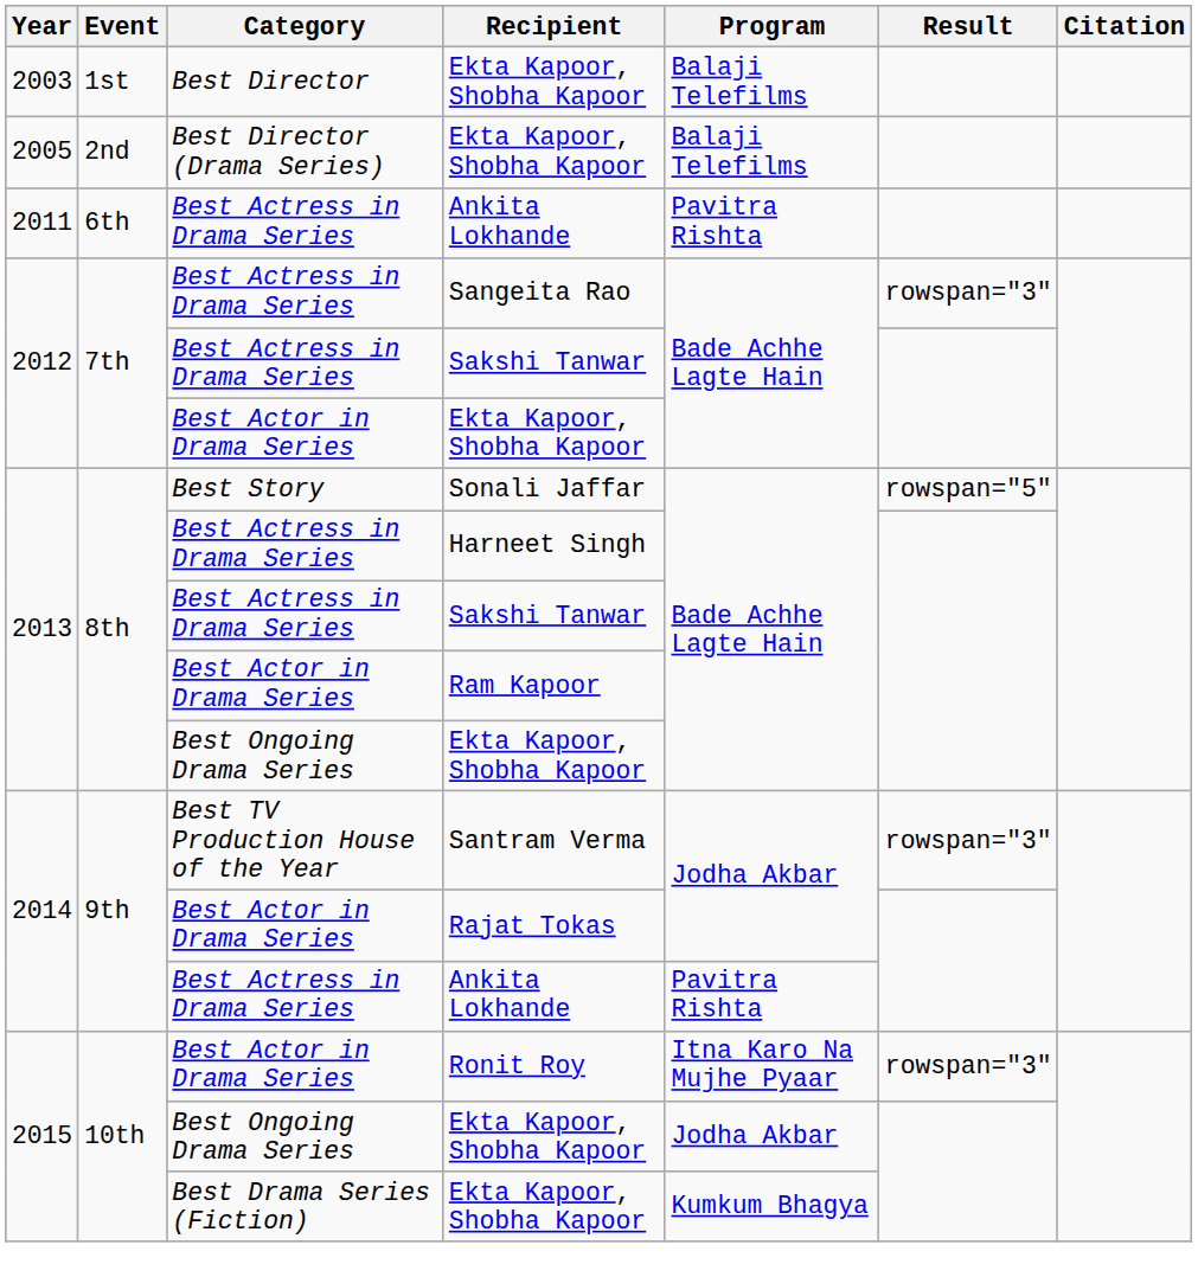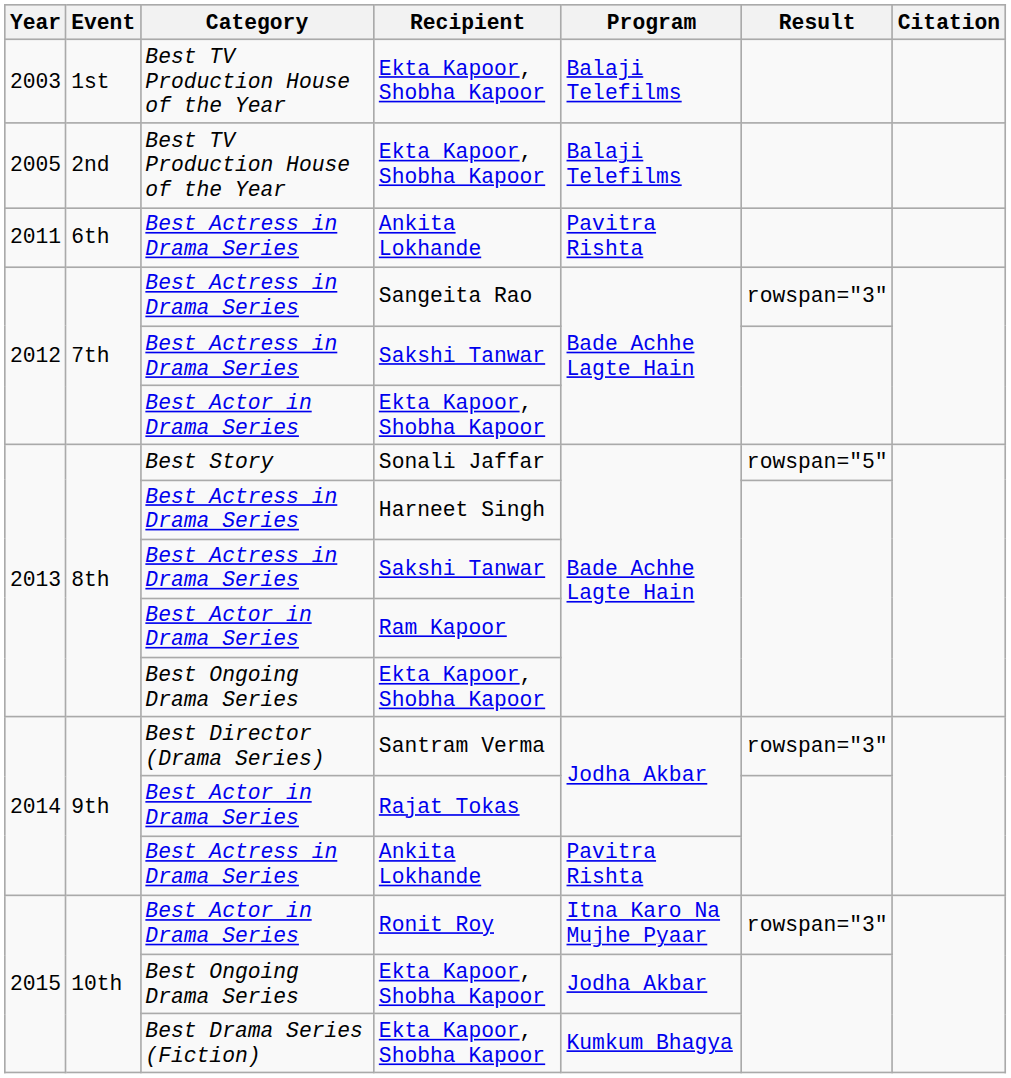 <table class="wikitable">
 <tr>
 <th>Year</th>
 <th>Event</th>
 <th>Category</th>
 <th>Recipient</th>
 <th>Program</th>
 <th>Result</th>
 <th>Citation</th>
 </tr>
 <tr>
 <td>2003</td>
 <td>1st</td>
-<td><em>Best Director</em></td>
+<td><em>Best TV Production House of the Year</em></td>
 <td><a href='#'>Ekta Kapoor</a>, <a href='#'>Shobha Kapoor</a></td>
 <td><a href='#'>Balaji Telefilms</a></td>
 <td></td>
 <td></td>
 </tr>
 <tr>
 <td>2005</td>
 <td>2nd</td>
-<td><em>Best Director (Drama Series)</em></td>
+<td><em>Best TV Production House of the Year</em></td>
 <td><a href='#'>Ekta Kapoor</a>, <a href='#'>Shobha Kapoor</a></td>
 <td><a href='#'>Balaji Telefilms</a></td>
 <td></td>
 <td></td>
 </tr>
 <tr>
 <td>2011</td>
 <td>6th</td>
 <td><em><a href='#'>Best Actress in Drama Series</a></em></td>
 <td><a href='#'>Ankita Lokhande</a></td>
 <td><a href='#'>Pavitra Rishta</a></td>
 <td></td>
 <td></td>
 </tr>
 <tr>
 <td rowspan="3">2012</td>
 <td rowspan="3">7th</td>
 <td><em><a href='#'>Best Actress in Drama Series</a></em></td>
 <td>Sangeita Rao</td>
 <td rowspan="3"><a href='#'>Bade Achhe Lagte Hain</a></td>
 <td>rowspan="3" </td>
 <td rowspan="3"></td>
 </tr>
 <tr>
 <td><em><a href='#'>Best Actress in Drama Series</a></em></td>
 <td><a href='#'>Sakshi Tanwar</a></td>
 </tr>
 <tr>
 <td><em><a href='#'>Best Actor in Drama Series</a></em></td>
 <td><a href='#'>Ekta Kapoor</a>, <a href='#'>Shobha Kapoor</a></td>
 </tr>
 <tr>
 <td rowspan="5">2013</td>
 <td rowspan="5">8th</td>
 <td><em>Best Story</em></td>
 <td>Sonali Jaffar</td>
 <td rowspan="5"><a href='#'>Bade Achhe Lagte Hain</a></td>
 <td>rowspan="5" </td>
 <td rowspan="5"></td>
 </tr>
 <tr>
 <td><em><a href='#'>Best Actress in Drama Series</a></em></td>
 <td>Harneet Singh</td>
 </tr>
 <tr>
 <td><em><a href='#'>Best Actress in Drama Series</a></em></td>
 <td><a href='#'>Sakshi Tanwar</a></td>
 </tr>
 <tr>
 <td><em><a href='#'>Best Actor in Drama Series</a></em></td>
 <td><a href='#'>Ram Kapoor</a></td>
 </tr>
 <tr>
 <td><em>Best Ongoing Drama Series</em></td>
 <td><a href='#'>Ekta Kapoor</a>, <a href='#'>Shobha Kapoor</a></td>
 </tr>
 <tr>
 <td rowspan="3">2014</td>
 <td rowspan="3">9th</td>
-<td><em>Best TV Production House of the Year</em></td>
+<td><em>Best Director (Drama Series)</em></td>
 <td>Santram Verma</td>
 <td rowspan="2"><a href='#'>Jodha Akbar</a></td>
 <td>rowspan="3" </td>
 <td rowspan="3"></td>
 </tr>
 <tr>
 <td><em><a href='#'>Best Actor in Drama Series</a></em></td>
 <td><a href='#'>Rajat Tokas</a></td>
 </tr>
 <tr>
 <td><em><a href='#'>Best Actress in Drama Series</a></em></td>
 <td><a href='#'>Ankita Lokhande</a></td>
 <td><a href='#'>Pavitra Rishta</a></td>
 </tr>
 <tr>
 <td rowspan="3">2015</td>
 <td rowspan="3">10th</td>
 <td><em><a href='#'>Best Actor in Drama Series</a></em></td>
 <td><a href='#'>Ronit Roy</a></td>
 <td><a href='#'>Itna Karo Na Mujhe Pyaar</a></td>
 <td>rowspan="3" </td>
 <td rowspan="3"></td>
 </tr>
 <tr>
 <td><em>Best Ongoing Drama Series</em></td>
 <td><a href='#'>Ekta Kapoor</a>, <a href='#'>Shobha Kapoor</a></td>
 <td><a href='#'>Jodha Akbar</a></td>
 </tr>
 <tr>
 <td><em>Best Drama Series (Fiction)</em></td>
 <td><a href='#'>Ekta Kapoor</a>, <a href='#'>Shobha Kapoor</a></td>
 <td><a href='#'>Kumkum Bhagya</a></td>
 </tr>
 </table>
